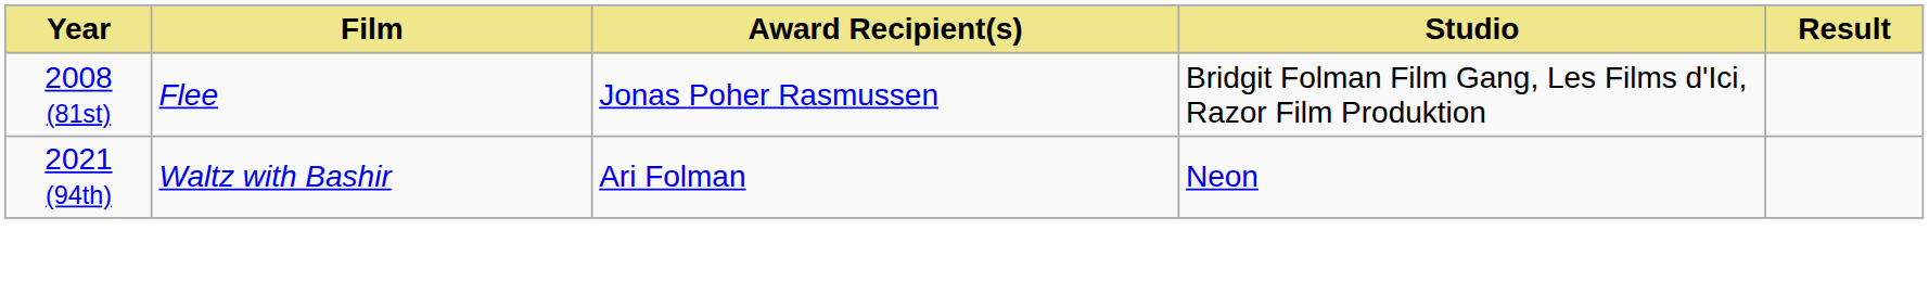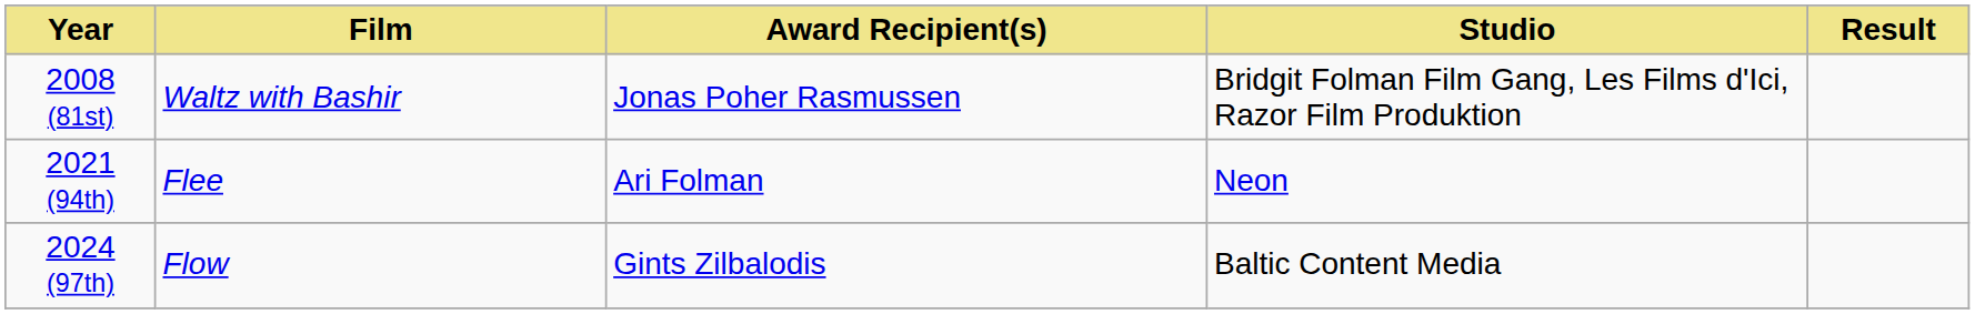 <table class="wikitable" width="80%">
 <tr>
 <th width="5%" style="background:#F0E68C">Year</th>
 <th width="15%" style="background:#F0E68C">Film</th>
 <th width="20%" style="background:#F0E68C">Award Recipient(s)</th>
 <th width="20%" style="background:#F0E68C">Studio</th>
 <th width="5%" style="background:#F0E68C">Result</th>
 </tr>
 <tr>
 <td align="center"><a href='#'>2008</a><br><small><a href='#'>(81st)</a></small></td>
-<td><em><a href='#'>Flee</a></em></td>
+<td><em><a href='#'>Waltz with Bashir</a></em></td>
 <td><a href='#'>Jonas Poher Rasmussen</a></td>
 <td>Bridgit Folman Film Gang, Les Films d'Ici, Razor Film Produktion</td>
 <td></td>
 </tr>
 <tr>
 <td align="center"><a href='#'>2021</a> <br><small><a href='#'>(94th)</a></small></td>
-<td><em><a href='#'>Waltz with Bashir</a></em></td>
+<td><em><a href='#'>Flee</a></em></td>
 <td><a href='#'>Ari Folman</a></td>
 <td><a href='#'>Neon</a></td>
 <td></td>
 </tr>
+<tr>
+<td align="center"><a href='#'>2024</a> <br><small><a href='#'>(97th)</a></small></td>
+<td><em><a href='#'>Flow</a></em></td>
+<td><a href='#'>Gints Zilbalodis</a></td>
+<td>Baltic Content Media</td>
+<td></td>
+</tr>
 </table>
